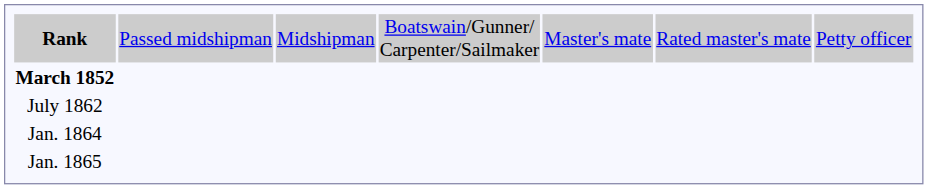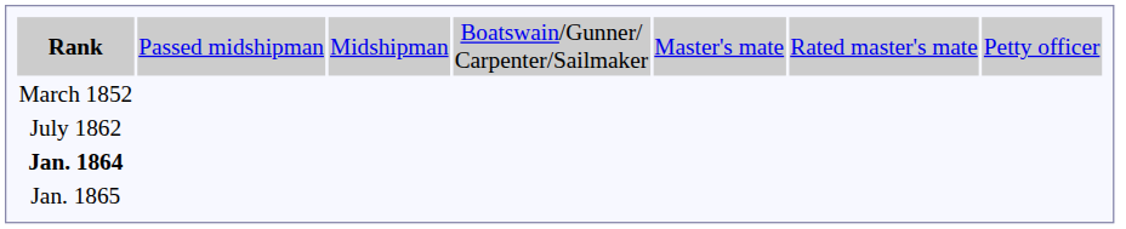 <table style="border:1px solid #8888aa; background-color:#f7f8ff; padding:5px; font-size:95%; margin: 0px 12px 12px 0px; text-align:center;">
 <tr bgcolor="#CCCCCC">
 <th>Rank</th>
 <td><a href='#'>Passed midshipman</a></td>
 <td><a href='#'>Midshipman</a></td>
 <td><a href='#'>Boatswain</a>/Gunner/<br>Carpenter/Sailmaker</td>
 <td><a href='#'>Master's mate</a></td>
 <td><a href='#'>Rated master's mate</a></td>
 <td><a href='#'>Petty officer</a></td>
 </tr>
 <tr>
-<td><strong>March 1852</strong></td>
+<td>March 1852</td>
 </tr>
 <tr>
 <td>July 1862</td>
 <td></td>
 <td></td>
 <td></td>
 <td></td>
 </tr>
 <tr>
-<td>Jan. 1864</td>
+<td><strong>Jan. 1864</strong></td>
 </tr>
 <tr>
 <td>Jan. 1865</td>
 </tr>
 </table>
